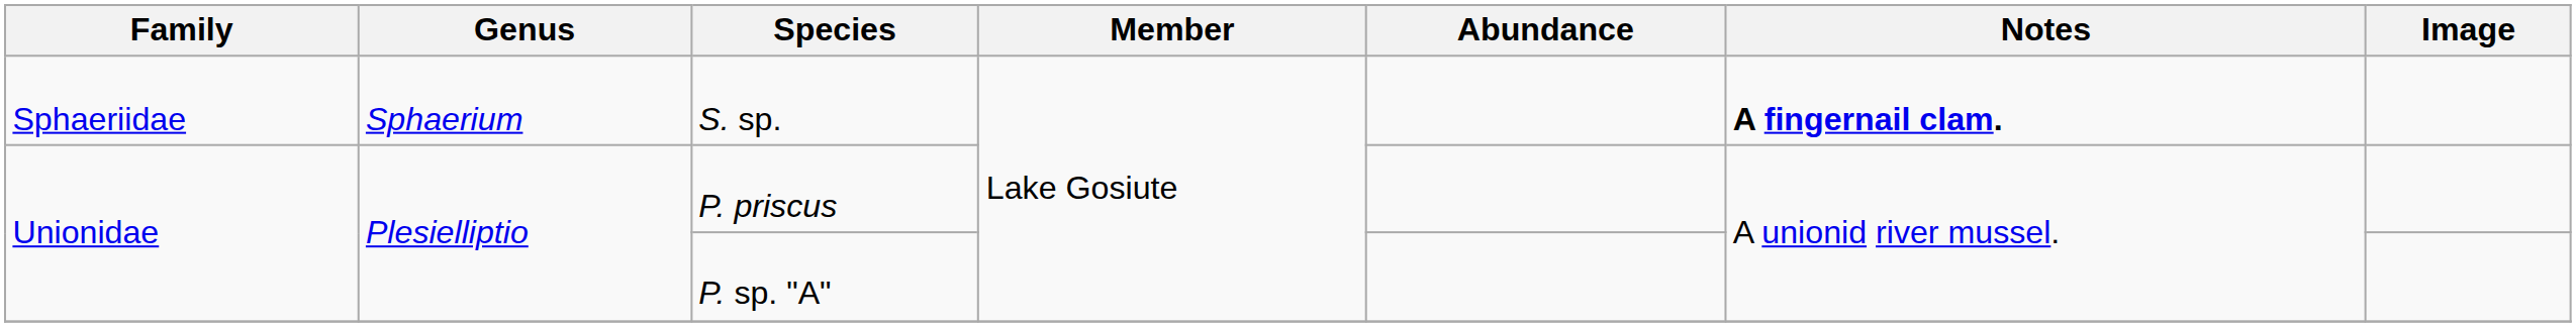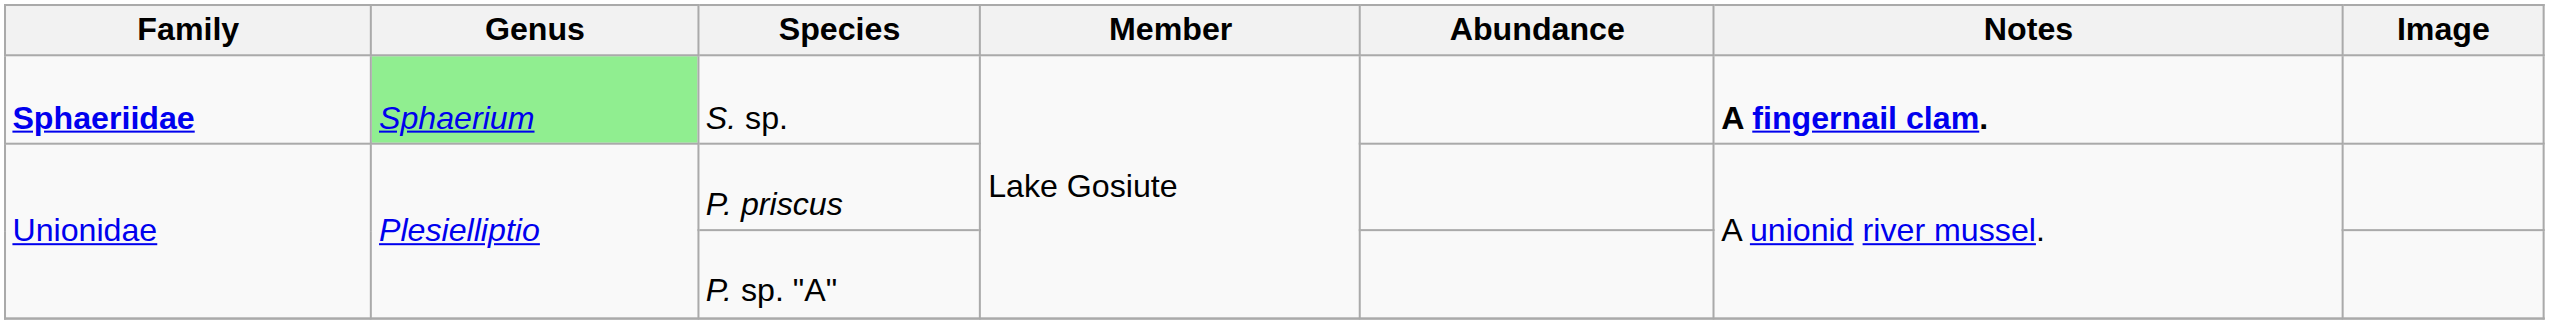 <table class="wikitable" style="margin:auto;width:100%;">
 <tr>
 <th>Family</th>
 <th>Genus</th>
 <th>Species</th>
 <th>Member</th>
 <th>Abundance</th>
 <th>Notes</th>
 <th>Image</th>
 </tr>
 <tr>
-<td><br><a href='#'>Sphaeriidae</a></td>
-<td><br><em><a href='#'>Sphaerium</a></em></td>
+<td><strong><br><a href='#'>Sphaeriidae</a></strong></td>
+<td style="background: lightgreen;"><br><em><a href='#'>Sphaerium</a></em></td>
 <td><br><em>S.</em> sp.</td>
 <td rowspan=3>Lake Gosiute</td>
 <td></td>
 <td><strong><br>A <a href='#'>fingernail clam</a>.</strong></td>
 <td><br></td>
 </tr>
 <tr>
 <td rowspan=2><a href='#'>Unionidae</a></td>
 <td rowspan=2><em><a href='#'>Plesielliptio</a></em></td>
 <td><br><em>P. priscus</em></td>
 <td></td>
 <td rowspan=2>A <a href='#'>unionid</a> <a href='#'>river mussel</a>.</td>
 <td></td>
 </tr>
 <tr>
 <td><br><em>P.</em> sp. "A"</td>
 <td></td>
 <td></td>
 </tr>
 <tr>
 </tr>
 </table>
